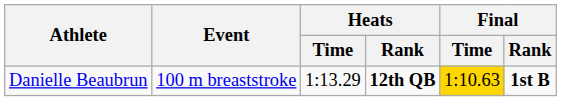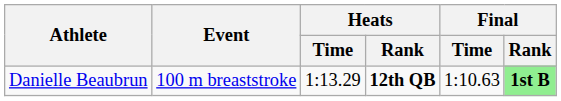 <table class=wikitable style="font-size:90%">
 <tr>
 <th rowspan="2">Athlete</th>
 <th rowspan="2">Event</th>
 <th colspan="2">Heats</th>
 <th colspan="2">Final</th>
 </tr>
 <tr>
 <th>Time</th>
 <th>Rank</th>
 <th>Time</th>
 <th>Rank</th>
 </tr>
 <tr>
 <td><a href='#'>Danielle Beaubrun</a></td>
 <td><a href='#'>100 m breaststroke</a></td>
 <td align=center>1:13.29</td>
 <td align=center><strong>12th QB</strong></td>
-<td align=center style="background: gold;">1:10.63</td>
-<td align=center><strong>1st B</strong></td>
+<td align=center>1:10.63</td>
+<td align=center style="background: lightgreen;"><strong>1st B</strong></td>
 </tr>
 </table>
